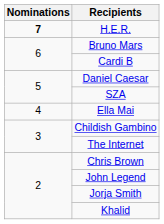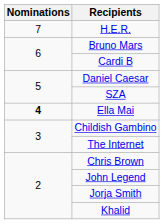 <table class="wikitable" rowspan="2" style="text-align:center;" background: #f6e39c;>
 <tr>
 <th scope="col" style="width:55px;text-align:center;">Nominations</th>
 <th scope="col" style="text-align:center;">Recipients</th>
 </tr>
 <tr>
-<td><strong>7</strong></td>
+<td>7</td>
 <td><a href='#'>H.E.R.</a></td>
 </tr>
 <tr>
 <td rowspan="2">6</td>
 <td><a href='#'>Bruno Mars</a></td>
 </tr>
 <tr>
 <td><a href='#'>Cardi B</a></td>
 </tr>
 <tr>
 <td rowspan="2">5</td>
 <td><a href='#'>Daniel Caesar</a></td>
 </tr>
 <tr>
 <td><a href='#'>SZA</a></td>
 </tr>
 <tr>
-<td>4</td>
+<td><strong>4</strong></td>
 <td><a href='#'>Ella Mai</a></td>
 </tr>
 <tr>
 <td rowspan="2">3</td>
 <td><a href='#'>Childish Gambino</a></td>
 </tr>
 <tr>
 <td><a href='#'>The Internet</a></td>
 </tr>
 <tr>
 <td rowspan="4">2</td>
 <td><a href='#'>Chris Brown</a></td>
 </tr>
 <tr>
 <td><a href='#'>John Legend</a></td>
 </tr>
 <tr>
 <td><a href='#'>Jorja Smith</a></td>
 </tr>
 <tr>
 <td><a href='#'>Khalid</a></td>
 </tr>
 </table>
